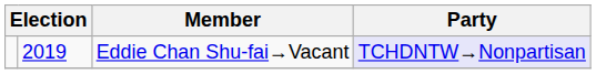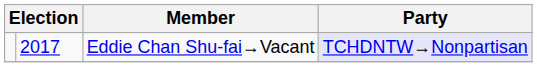 <table class="wikitable">
 <tr>
 <th colspan="2">Election</th>
 <th>Member</th>
 <th>Party</th>
 </tr>
 <tr>
 <td style="color:inherit;background:"></td>
-<td><a href='#'>2019</a></td>
+<td><a href='#'>2017</a></td>
 <td><a href='#'>Eddie Chan Shu-fai</a>→Vacant</td>
 <td style="background: lavender;"><a href='#'>TCHDNTW</a>→<a href='#'>Nonpartisan</a></td>
 </tr>
 <tr>
 </tr>
 </table>
